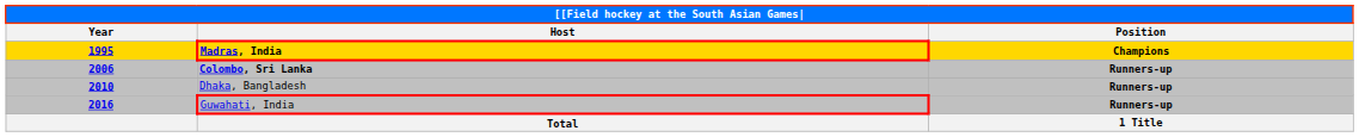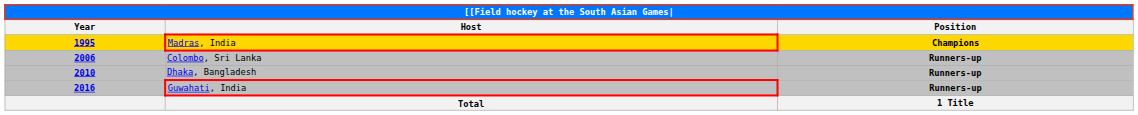 <table class="wikitable" style="text-align: center; width:85%">
 <tr>
 <th colspan=10 style="background: #0077FF;border: 2px solid #ff3300;color: #FFFFFF;">[[Field hockey at the South Asian Games|</th>
 </tr>
 <tr>
 <th>Year</th>
 <th>Host</th>
 <th>Position</th>
 </tr>
 <tr bgcolor=Gold>
 <td><strong><a href='#'>1995</a></strong></td>
-<td style="border: 3px solid red"align=left><strong> <a href='#'>Madras</a>, India</strong></td>
+<td style="border: 3px solid red"align=left> <a href='#'>Madras</a>, India</td>
 <td><strong>Champions</strong></td>
 </tr>
 <tr bgcolor=Silver>
 <td><strong><a href='#'>2006</a></strong></td>
-<td align=left><strong> <a href='#'>Colombo</a>, Sri Lanka</strong></td>
+<td align=left> <a href='#'>Colombo</a>, Sri Lanka</td>
 <td><strong>Runners-up</strong></td>
 </tr>
 <tr bgcolor=Silver>
 <td><strong><a href='#'>2010</a></strong></td>
 <td align=left> <a href='#'>Dhaka</a>, Bangladesh</td>
 <td><strong>Runners-up</strong></td>
 </tr>
 <tr bgcolor=Silver>
 <td><strong><a href='#'>2016</a></strong></td>
 <td style="border: 3px solid red"align=left> <a href='#'>Guwahati</a>, India</td>
 <td><strong>Runners-up</strong></td>
 </tr>
 <tr>
 <th></th>
 <th>Total</th>
 <th>1 Title</th>
 </tr>
 </table>
